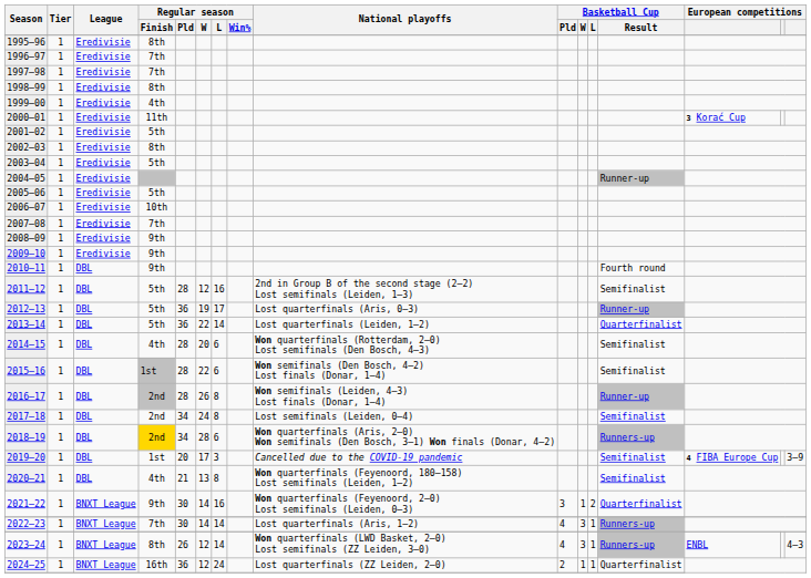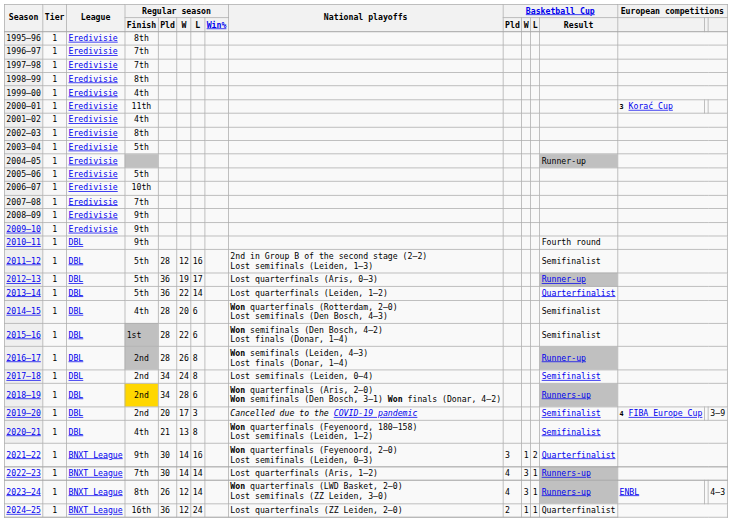 <table class="wikitable" style="font-size:85%">
 <tr bgcolor=>
 <th rowspan="2">Season</th>
 <th rowspan="2">Tier</th>
 <th rowspan="2">League</th>
 <th colspan="5">Regular season</th>
 <th rowspan="2">National playoffs</th>
 <th colspan="4"><a href='#'>Basketball Cup</a></th>
 <th colspan=3>European competitions</th>
 </tr>
 <tr>
 <th>Finish</th>
 <th>Pld</th>
 <th>W</th>
 <th>L</th>
 <th><a href='#'>Win%</a></th>
 <th>Pld</th>
 <th>W</th>
 <th>L</th>
 <th>Result</th>
 <th></th>
 <th></th>
 <th></th>
 </tr>
 <tr>
 </tr>
 <tr>
 <td style="background:#efefef;">1995–96</td>
 <td align="center">1</td>
 <td><a href='#'>Eredivisie</a></td>
 <td align="center">8th</td>
 <td></td>
 <td></td>
 <td></td>
 <td></td>
 <td></td>
 <td></td>
 <td></td>
 <td></td>
 <td></td>
 <td colspan=3></td>
 </tr>
 <tr>
 <td style="background:#efefef;">1996–97</td>
 <td align="center">1</td>
 <td><a href='#'>Eredivisie</a></td>
 <td align="center">7th</td>
 <td></td>
 <td></td>
 <td></td>
 <td></td>
 <td></td>
 <td></td>
 <td></td>
 <td></td>
 <td></td>
 <td colspan=3></td>
 </tr>
 <tr>
 <td style="background:#efefef;">1997–98</td>
 <td align="center">1</td>
 <td><a href='#'>Eredivisie</a></td>
 <td align="center">7th</td>
 <td></td>
 <td></td>
 <td></td>
 <td></td>
 <td></td>
 <td></td>
 <td></td>
 <td></td>
 <td></td>
 <td colspan=3></td>
 </tr>
 <tr>
 <td style="background:#efefef;">1998–99</td>
 <td align="center">1</td>
 <td><a href='#'>Eredivisie</a></td>
 <td align="center">8th</td>
 <td></td>
 <td></td>
 <td></td>
 <td></td>
 <td></td>
 <td></td>
 <td></td>
 <td></td>
 <td></td>
 <td colspan=3></td>
 </tr>
 <tr>
 <td style="background:#efefef;">1999–00</td>
 <td align="center">1</td>
 <td><a href='#'>Eredivisie</a></td>
 <td align="center">4th</td>
 <td></td>
 <td></td>
 <td></td>
 <td></td>
 <td></td>
 <td></td>
 <td></td>
 <td></td>
 <td></td>
 <td colspan=3></td>
 </tr>
 <tr>
 <td style="background:#efefef;">2000–01</td>
 <td align="center">1</td>
 <td><a href='#'>Eredivisie</a></td>
 <td align="center">11th</td>
 <td></td>
 <td></td>
 <td></td>
 <td></td>
 <td></td>
 <td></td>
 <td></td>
 <td></td>
 <td></td>
 <td><small><strong>3</strong></small> <a href='#'>Korać Cup</a></td>
 <td></td>
 <td></td>
 </tr>
 <tr>
 <td style="background:#efefef;">2001–02</td>
 <td align="center">1</td>
 <td><a href='#'>Eredivisie</a></td>
-<td align="center">5th</td>
+<td align="center">4th</td>
 <td></td>
 <td></td>
 <td></td>
 <td></td>
 <td></td>
 <td></td>
 <td></td>
 <td></td>
 <td></td>
 <td colspan=3></td>
 </tr>
 <tr>
 <td style="background:#efefef;">2002–03</td>
 <td align="center">1</td>
 <td><a href='#'>Eredivisie</a></td>
 <td align="center">8th</td>
 <td></td>
 <td></td>
 <td></td>
 <td></td>
 <td></td>
 <td></td>
 <td></td>
 <td></td>
 <td></td>
 <td colspan=3></td>
 </tr>
 <tr>
 <td style="background:#efefef;">2003–04</td>
 <td align="center">1</td>
 <td><a href='#'>Eredivisie</a></td>
 <td align="center">5th</td>
 <td></td>
 <td></td>
 <td></td>
 <td></td>
 <td></td>
 <td></td>
 <td></td>
 <td></td>
 <td></td>
 <td colspan=3></td>
 </tr>
 <tr>
 <td style="background:#efefef;">2004–05</td>
 <td align="center">1</td>
 <td><a href='#'>Eredivisie</a></td>
 <td style="background:silver"></td>
 <td></td>
 <td></td>
 <td></td>
 <td></td>
 <td></td>
 <td></td>
 <td></td>
 <td></td>
 <td style="background:silver">Runner-up</td>
 <td colspan=3></td>
 </tr>
 <tr>
 <td style="background:#efefef;">2005–06</td>
 <td align="center">1</td>
 <td><a href='#'>Eredivisie</a></td>
 <td align="center">5th</td>
 <td></td>
 <td></td>
 <td></td>
 <td></td>
 <td></td>
 <td></td>
 <td></td>
 <td></td>
 <td></td>
 <td colspan=3></td>
 </tr>
 <tr>
 <td style="background:#efefef;">2006–07</td>
 <td align="center">1</td>
 <td><a href='#'>Eredivisie</a></td>
 <td align="center">10th</td>
 <td></td>
 <td></td>
 <td></td>
 <td></td>
 <td></td>
 <td></td>
 <td></td>
 <td></td>
 <td></td>
 <td colspan=3></td>
 </tr>
 <tr>
 <td style="background:#efefef;">2007–08</td>
 <td align="center">1</td>
 <td><a href='#'>Eredivisie</a></td>
 <td align="center">7th</td>
 <td></td>
 <td></td>
 <td></td>
 <td></td>
 <td></td>
 <td></td>
 <td></td>
 <td></td>
 <td></td>
 <td colspan=3></td>
 </tr>
 <tr>
 <td style="background:#efefef;">2008–09</td>
 <td align="center">1</td>
 <td><a href='#'>Eredivisie</a></td>
 <td align="center">9th</td>
 <td></td>
 <td></td>
 <td></td>
 <td></td>
 <td></td>
 <td></td>
 <td></td>
 <td></td>
 <td></td>
 <td colspan=3></td>
 </tr>
 <tr>
 <td style="background:#efefef;"><a href='#'>2009–10</a></td>
 <td align="center">1</td>
 <td><a href='#'>Eredivisie</a></td>
 <td align="center">9th</td>
 <td></td>
 <td></td>
 <td></td>
 <td></td>
 <td></td>
 <td></td>
 <td></td>
 <td></td>
 <td></td>
 <td colspan=3></td>
 </tr>
 <tr>
 <td style="background:#efefef;"><a href='#'>2010–11</a></td>
 <td align="center">1</td>
 <td><a href='#'>DBL</a></td>
 <td align="center">9th</td>
 <td></td>
 <td></td>
 <td></td>
 <td></td>
 <td></td>
 <td></td>
 <td></td>
 <td></td>
 <td>Fourth round</td>
 <td colspan=3></td>
 </tr>
 <tr>
 <td style="background:#efefef;"><a href='#'>2011–12</a></td>
 <td align="center">1</td>
 <td><a href='#'>DBL</a></td>
 <td align="center">5th</td>
 <td>28</td>
 <td>12</td>
 <td>16</td>
 <td></td>
 <td>2nd in Group B of the second stage (2–2)<br>Lost semifinals (Leiden, 1–3)</td>
 <td></td>
 <td></td>
 <td></td>
 <td>Semifinalist</td>
 <td colspan=3></td>
 </tr>
 <tr>
 <td style="background:#efefef;"><a href='#'>2012–13</a></td>
 <td align="center">1</td>
 <td><a href='#'>DBL</a></td>
 <td align="center">5th</td>
 <td>36</td>
 <td>19</td>
 <td>17</td>
 <td></td>
 <td>Lost quarterfinals (Aris, 0–3)</td>
 <td></td>
 <td></td>
 <td></td>
 <td style="background:silver"><a href='#'>Runner-up</a></td>
 <td colspan=3></td>
 </tr>
 <tr>
 <td style="background:#efefef;"><a href='#'>2013–14</a></td>
 <td align="center">1</td>
 <td><a href='#'>DBL</a></td>
 <td align="center">5th</td>
 <td>36</td>
 <td>22</td>
 <td>14</td>
 <td></td>
 <td>Lost quarterfinals (Leiden, 1–2)</td>
 <td></td>
 <td></td>
 <td></td>
 <td><a href='#'>Quarterfinalist</a></td>
 <td colspan=3></td>
 </tr>
 <tr>
 <td style="background:#efefef;"><a href='#'>2014–15</a></td>
 <td align="center">1</td>
 <td><a href='#'>DBL</a></td>
 <td align="center">4th</td>
 <td>28</td>
 <td>20</td>
 <td>6</td>
 <td></td>
 <td><strong>Won</strong> quarterfinals (Rotterdam, 2–0)<br>Lost semifinals (Den Bosch, 4–3)</td>
 <td></td>
 <td></td>
 <td></td>
 <td>Semifinalist</td>
 <td colspan=3></td>
 </tr>
 <tr>
 <td style="background:#efefef;"><a href='#'>2015–16</a></td>
 <td align="center">1</td>
 <td><a href='#'>DBL</a></td>
 <td style="background:silver">1st</td>
 <td>28</td>
 <td>22</td>
 <td>6</td>
 <td></td>
 <td><strong>Won</strong> semifinals (Den Bosch, 4–2)<br>Lost finals (Donar, 1–4)</td>
 <td></td>
 <td></td>
 <td></td>
 <td>Semifinalist</td>
 <td colspan=3></td>
 </tr>
 <tr>
 <td style="background:#efefef;"><a href='#'>2016–17</a></td>
 <td align="center">1</td>
 <td><a href='#'>DBL</a></td>
 <td align="center" bgcolor=silver>2nd</td>
 <td>28</td>
 <td>26</td>
 <td>8</td>
 <td></td>
 <td><strong>Won</strong> semifinals (Leiden, 4–3)<br>Lost finals (Donar, 1–4)</td>
 <td></td>
 <td></td>
 <td></td>
 <td bgcolor=silver><a href='#'>Runner-up</a></td>
 <td colspan=3></td>
 </tr>
 <tr>
 <td style="background:#efefef;"><a href='#'>2017–18</a></td>
 <td align="center">1</td>
 <td><a href='#'>DBL</a></td>
 <td align="center">2nd</td>
 <td>34</td>
 <td>24</td>
 <td>8</td>
 <td></td>
 <td>Lost semifinals (Leiden, 0–4)</td>
 <td></td>
 <td></td>
 <td></td>
 <td><a href='#'>Semifinalist</a></td>
 <td colspan=3></td>
 </tr>
 <tr>
 <td style="background:#efefef;"><a href='#'>2018–19</a></td>
 <td align="center">1</td>
 <td><a href='#'>DBL</a></td>
 <td align="center" bgcolor=gold>2nd</td>
 <td>34</td>
 <td>28</td>
 <td>6</td>
 <td></td>
 <td><strong>Won</strong> quarterfinals (Aris, 2–0)<br><strong>Won</strong> semifinals (Den Bosch, 3–1) <strong>Won</strong> finals (Donar, 4–2)</td>
 <td></td>
 <td></td>
 <td></td>
 <td bgcolor=silver><a href='#'>Runners-up</a></td>
 <td colspan=3></td>
 </tr>
 <tr>
 <td style="background:#efefef;"><a href='#'>2019–20</a></td>
 <td align="center">1</td>
 <td><a href='#'>DBL</a></td>
-<td align="center">1st</td>
+<td align="center">2nd</td>
 <td>20</td>
 <td>17</td>
 <td>3</td>
 <td></td>
 <td><em>Cancelled due to the <a href='#'>COVID-19 pandemic</a></em></td>
 <td></td>
 <td></td>
 <td></td>
 <td><a href='#'>Semifinalist</a></td>
 <td><small><strong>4</strong></small> <a href='#'>FIBA Europe Cup</a></td>
 <td></td>
 <td>3–9</td>
 </tr>
 <tr>
 <td style="background:#efefef;"><a href='#'>2020–21</a></td>
 <td align="center">1</td>
 <td><a href='#'>DBL</a></td>
 <td align="center">4th</td>
 <td>21</td>
 <td>13</td>
 <td>8</td>
 <td></td>
 <td><strong>Won</strong> quarterfinals (Feyenoord, 180–158)<br>Lost semifinals (Leiden, 1–2)</td>
 <td></td>
 <td></td>
 <td></td>
 <td><a href='#'>Semifinalist</a></td>
 <td colspan=3></td>
 </tr>
 <tr>
 <td><a href='#'>2021–22</a></td>
 <td align="center">1</td>
 <td><a href='#'>BNXT League</a></td>
 <td align="center">9th</td>
 <td>30</td>
 <td>14</td>
 <td>16</td>
 <td></td>
 <td><strong>Won</strong> quarterfinals (Feyenoord, 2–0)<br>Lost semifinals (Leiden, 0–3)</td>
 <td>3</td>
 <td>1</td>
 <td>2</td>
 <td><a href='#'>Quarterfinalist</a></td>
 <td colspan="3"></td>
 </tr>
 <tr>
 </tr>
 <tr>
 <td><a href='#'>2022–23</a></td>
 <td align="center">1</td>
 <td><a href='#'>BNXT League</a></td>
 <td align="center">7th</td>
 <td>30</td>
 <td>14</td>
 <td>14</td>
 <td></td>
 <td>Lost quarterfinals (Aris, 1–2)</td>
 <td>4</td>
 <td>3</td>
 <td>1</td>
 <td bgcolor=silver><a href='#'>Runners-up</a></td>
 <td colspan="3"></td>
 </tr>
 <tr>
 </tr>
 <tr>
 <td><a href='#'>2023–24</a></td>
 <td align="center">1</td>
 <td><a href='#'>BNXT League</a></td>
 <td align="center">8th</td>
 <td>26</td>
 <td>12</td>
 <td>14</td>
 <td></td>
 <td><strong>Won</strong> quarterfinals (LWD Basket, 2–0)<br>Lost semifinals (ZZ Leiden, 3–0)</td>
 <td>4</td>
 <td>3</td>
 <td>1</td>
 <td bgcolor=silver><a href='#'>Runners-up</a></td>
 <td><a href='#'>ENBL</a></td>
 <td></td>
 <td>4–3</td>
 </tr>
 <tr>
 <td><a href='#'>2024–25</a></td>
 <td align="center">1</td>
 <td><a href='#'>BNXT League</a></td>
 <td align="center">16th</td>
 <td>36</td>
 <td>12</td>
 <td>24</td>
 <td></td>
 <td>Lost quarterfinals (ZZ Leiden, 2–0)</td>
 <td>2</td>
 <td>1</td>
 <td>1</td>
 <td>Quarterfinalist</td>
 </tr>
 <tr>
 </tr>
 <tr>
 </tr>
 </table>
